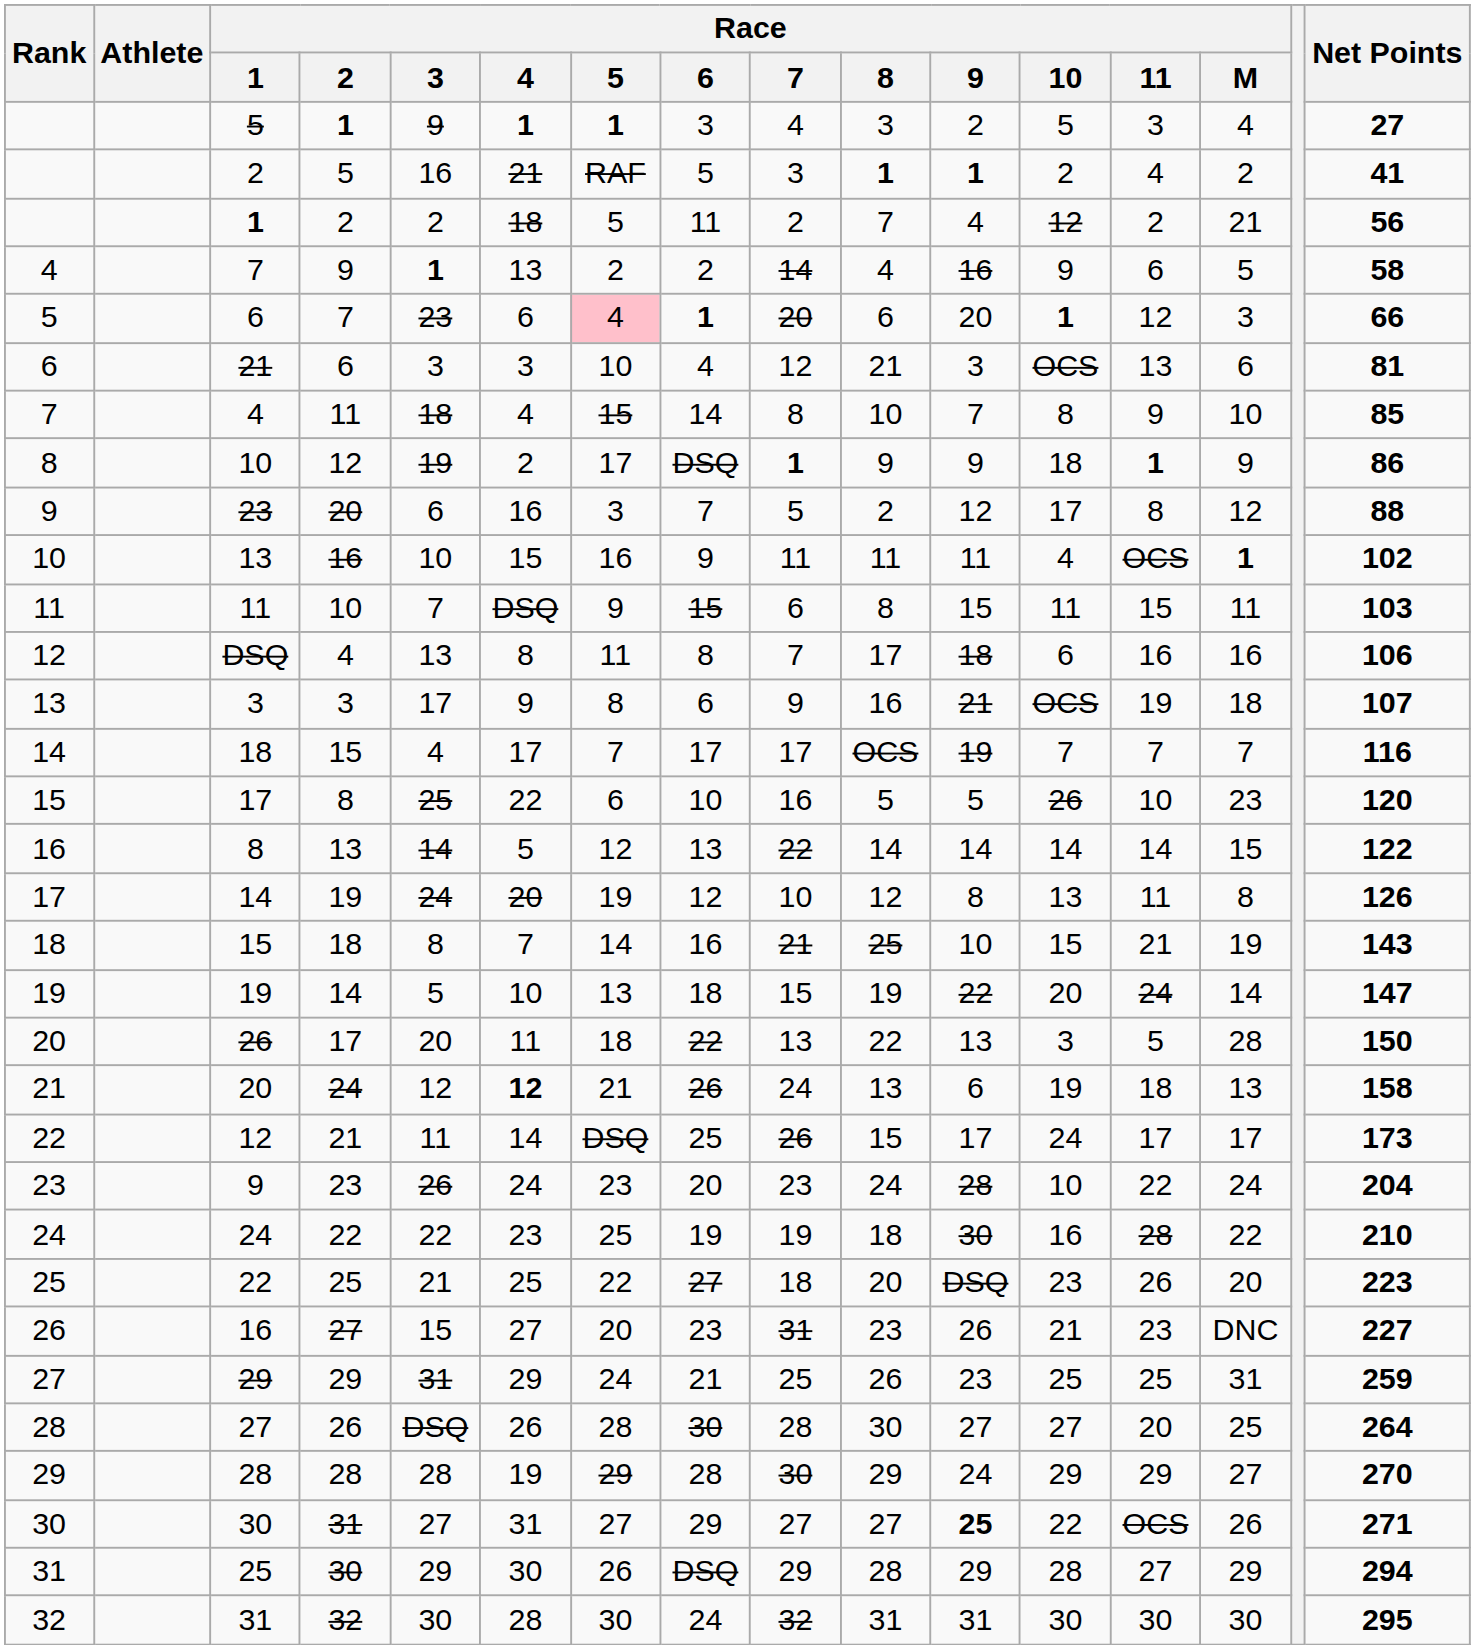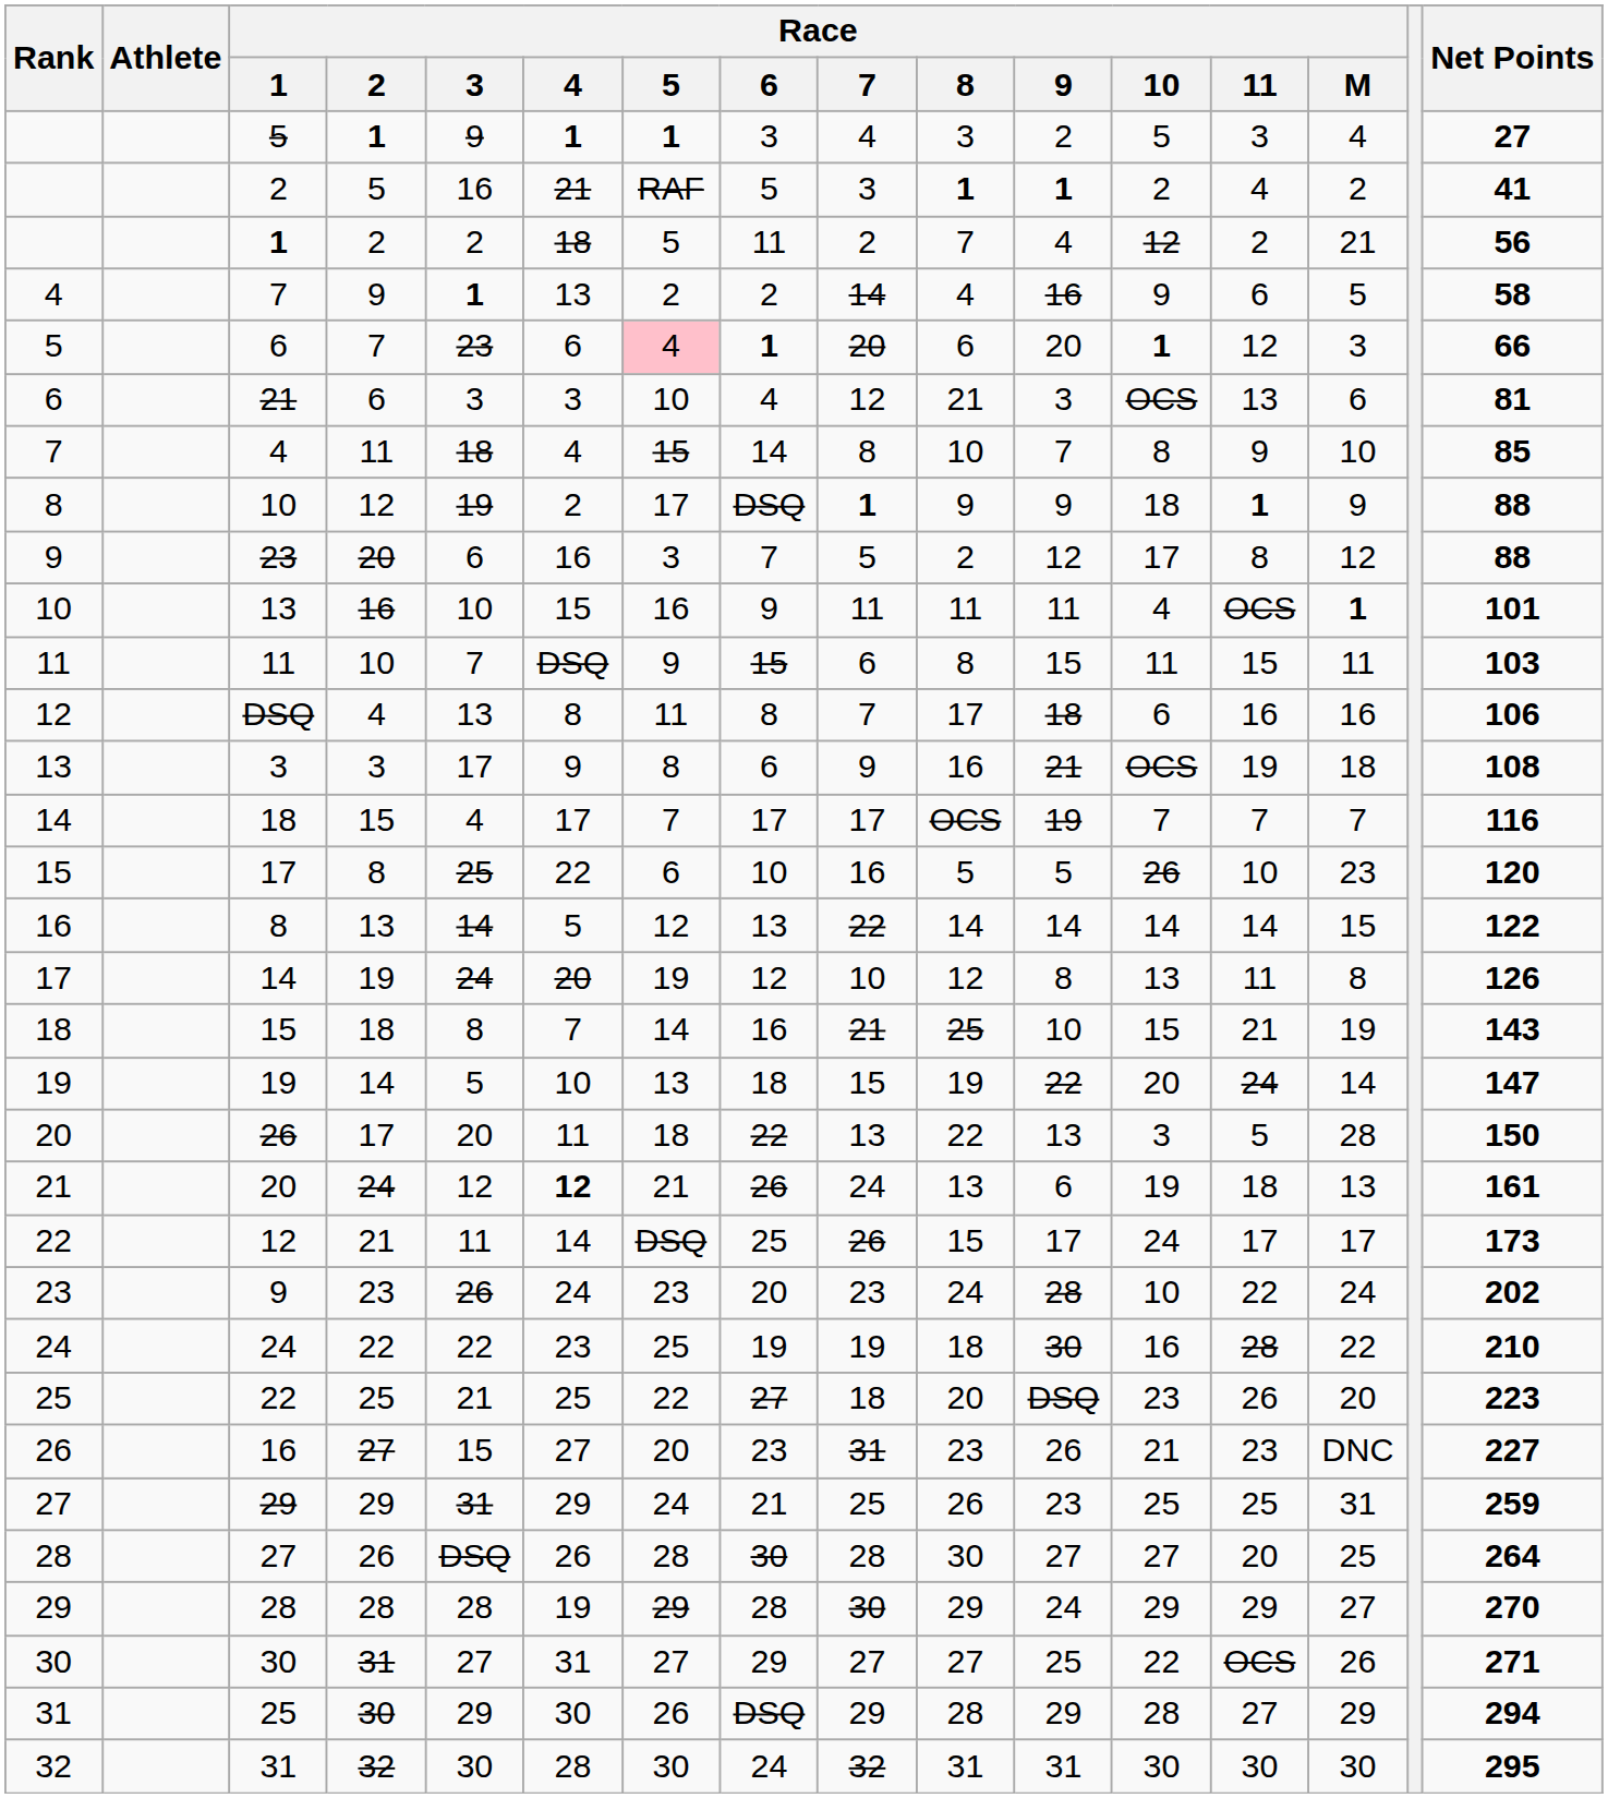 <table class="wikitable" style="text-align:center">
 <tr>
 <th rowspan="2">Rank</th>
 <th rowspan="2">Athlete</th>
 <th colspan="12">Race</th>
 <th width=1% rowspan=45></th>
 <th rowspan="2">Net Points</th>
 </tr>
 <tr>
 <th width=40>1</th>
 <th width=40>2</th>
 <th width=40>3</th>
 <th width=40>4</th>
 <th width=40>5</th>
 <th width=40>6</th>
 <th width=40>7</th>
 <th width=40>8</th>
 <th width=40>9</th>
 <th width=40>10</th>
 <th width=40>11</th>
 <th width=40>M</th>
 </tr>
 <tr>
 <td></td>
 <td align=left></td>
 <td><s>5</s></td>
 <td><strong>1</strong></td>
 <td><s>9</s></td>
 <td><strong>1</strong></td>
 <td><strong>1</strong></td>
 <td>3</td>
 <td>4</td>
 <td>3</td>
 <td>2</td>
 <td>5</td>
 <td>3</td>
 <td>4</td>
 <td><strong>27</strong></td>
 </tr>
 <tr>
 <td></td>
 <td align=left></td>
 <td>2</td>
 <td>5</td>
 <td>16</td>
 <td><s>21</s></td>
 <td><s>RAF</s></td>
 <td>5</td>
 <td>3</td>
 <td><strong>1</strong></td>
 <td><strong>1</strong></td>
 <td>2</td>
 <td>4</td>
 <td>2</td>
 <td><strong>41</strong></td>
 </tr>
 <tr>
 <td></td>
 <td align=left></td>
 <td><strong>1</strong></td>
 <td>2</td>
 <td>2</td>
 <td><s>18</s></td>
 <td>5</td>
 <td>11</td>
 <td>2</td>
 <td>7</td>
 <td>4</td>
 <td><s>12</s></td>
 <td>2</td>
 <td>21</td>
 <td><strong>56</strong></td>
 </tr>
 <tr>
 <td>4</td>
 <td align=left></td>
 <td>7</td>
 <td>9</td>
 <td><strong>1</strong></td>
 <td>13</td>
 <td>2</td>
 <td>2</td>
 <td><s>14</s></td>
 <td>4</td>
 <td><s>16</s></td>
 <td>9</td>
 <td>6</td>
 <td>5</td>
 <td><strong>58</strong></td>
 </tr>
 <tr>
 <td>5</td>
 <td align=left></td>
 <td>6</td>
 <td>7</td>
 <td><s>23</s></td>
 <td>6</td>
 <td style="background: pink;">4</td>
 <td><strong>1</strong></td>
 <td><s>20</s></td>
 <td>6</td>
 <td>20</td>
 <td><strong>1</strong></td>
 <td>12</td>
 <td>3</td>
 <td><strong>66</strong></td>
 </tr>
 <tr>
 <td>6</td>
 <td align=left></td>
 <td><s>21</s></td>
 <td>6</td>
 <td>3</td>
 <td>3</td>
 <td>10</td>
 <td>4</td>
 <td>12</td>
 <td>21</td>
 <td>3</td>
 <td><s>OCS</s></td>
 <td>13</td>
 <td>6</td>
 <td><strong>81</strong></td>
 </tr>
 <tr>
 <td>7</td>
 <td align=left></td>
 <td>4</td>
 <td>11</td>
 <td><s>18</s></td>
 <td>4</td>
 <td><s>15</s></td>
 <td>14</td>
 <td>8</td>
 <td>10</td>
 <td>7</td>
 <td>8</td>
 <td>9</td>
 <td>10</td>
 <td><strong>85</strong></td>
 </tr>
 <tr>
 <td>8</td>
 <td align=left></td>
 <td>10</td>
 <td>12</td>
 <td><s>19</s></td>
 <td>2</td>
 <td>17</td>
 <td><s>DSQ</s></td>
 <td><strong>1</strong></td>
 <td>9</td>
 <td>9</td>
 <td>18</td>
 <td><strong>1</strong></td>
 <td>9</td>
-<td><strong>86</strong></td>
+<td><strong>88</strong></td>
 </tr>
 <tr>
 <td>9</td>
 <td align=left></td>
 <td><s>23</s></td>
 <td><s>20</s></td>
 <td>6</td>
 <td>16</td>
 <td>3</td>
 <td>7</td>
 <td>5</td>
 <td>2</td>
 <td>12</td>
 <td>17</td>
 <td>8</td>
 <td>12</td>
 <td><strong>88</strong></td>
 </tr>
 <tr>
 <td>10</td>
 <td align=left></td>
 <td>13</td>
 <td><s>16</s></td>
 <td>10</td>
 <td>15</td>
 <td>16</td>
 <td>9</td>
 <td>11</td>
 <td>11</td>
 <td>11</td>
 <td>4</td>
 <td><s>OCS</s></td>
 <td><strong>1</strong></td>
-<td><strong>102</strong></td>
+<td><strong>101</strong></td>
 </tr>
 <tr>
 <td>11</td>
 <td align=left></td>
 <td>11</td>
 <td>10</td>
 <td>7</td>
 <td><s>DSQ</s></td>
 <td>9</td>
 <td><s>15</s></td>
 <td>6</td>
 <td>8</td>
 <td>15</td>
 <td>11</td>
 <td>15</td>
 <td>11</td>
 <td><strong>103</strong></td>
 </tr>
 <tr>
 <td>12</td>
 <td align=left></td>
 <td><s>DSQ</s></td>
 <td>4</td>
 <td>13</td>
 <td>8</td>
 <td>11</td>
 <td>8</td>
 <td>7</td>
 <td>17</td>
 <td><s>18</s></td>
 <td>6</td>
 <td>16</td>
 <td>16</td>
 <td><strong>106</strong></td>
 </tr>
 <tr>
 <td>13</td>
 <td align=left></td>
 <td>3</td>
 <td>3</td>
 <td>17</td>
 <td>9</td>
 <td>8</td>
 <td>6</td>
 <td>9</td>
 <td>16</td>
 <td><s>21</s></td>
 <td><s>OCS</s></td>
 <td>19</td>
 <td>18</td>
-<td><strong>107</strong></td>
+<td><strong>108</strong></td>
 </tr>
 <tr>
 <td>14</td>
 <td align=left></td>
 <td>18</td>
 <td>15</td>
 <td>4</td>
 <td>17</td>
 <td>7</td>
 <td>17</td>
 <td>17</td>
 <td><s>OCS</s></td>
 <td><s>19</s></td>
 <td>7</td>
 <td>7</td>
 <td>7</td>
 <td><strong>116</strong></td>
 </tr>
 <tr>
 <td>15</td>
 <td align=left></td>
 <td>17</td>
 <td>8</td>
 <td><s>25</s></td>
 <td>22</td>
 <td>6</td>
 <td>10</td>
 <td>16</td>
 <td>5</td>
 <td>5</td>
 <td><s>26</s></td>
 <td>10</td>
 <td>23</td>
 <td><strong>120</strong></td>
 </tr>
 <tr>
 <td>16</td>
 <td align=left></td>
 <td>8</td>
 <td>13</td>
 <td><s>14</s></td>
 <td>5</td>
 <td>12</td>
 <td>13</td>
 <td><s>22</s></td>
 <td>14</td>
 <td>14</td>
 <td>14</td>
 <td>14</td>
 <td>15</td>
 <td><strong>122</strong></td>
 </tr>
 <tr>
 <td>17</td>
 <td align=left></td>
 <td>14</td>
 <td>19</td>
 <td><s>24</s></td>
 <td><s>20</s></td>
 <td>19</td>
 <td>12</td>
 <td>10</td>
 <td>12</td>
 <td>8</td>
 <td>13</td>
 <td>11</td>
 <td>8</td>
 <td><strong>126</strong></td>
 </tr>
 <tr>
 <td>18</td>
 <td align=left></td>
 <td>15</td>
 <td>18</td>
 <td>8</td>
 <td>7</td>
 <td>14</td>
 <td>16</td>
 <td><s>21</s></td>
 <td><s>25</s></td>
 <td>10</td>
 <td>15</td>
 <td>21</td>
 <td>19</td>
 <td><strong>143</strong></td>
 </tr>
 <tr>
 <td>19</td>
 <td align=left></td>
 <td>19</td>
 <td>14</td>
 <td>5</td>
 <td>10</td>
 <td>13</td>
 <td>18</td>
 <td>15</td>
 <td>19</td>
 <td><s>22</s></td>
 <td>20</td>
 <td><s>24</s></td>
 <td>14</td>
 <td><strong>147</strong></td>
 </tr>
 <tr>
 <td>20</td>
 <td align=left></td>
 <td><s>26</s></td>
 <td>17</td>
 <td>20</td>
 <td>11</td>
 <td>18</td>
 <td><s>22</s></td>
 <td>13</td>
 <td>22</td>
 <td>13</td>
 <td>3</td>
 <td>5</td>
 <td>28</td>
 <td><strong>150</strong></td>
 </tr>
 <tr>
 <td>21</td>
 <td align=left></td>
 <td>20</td>
 <td><s>24</s></td>
 <td>12</td>
 <td><strong>12</strong></td>
 <td>21</td>
 <td><s>26</s></td>
 <td>24</td>
 <td>13</td>
 <td>6</td>
 <td>19</td>
 <td>18</td>
 <td>13</td>
-<td><strong>158</strong></td>
+<td><strong>161</strong></td>
 </tr>
 <tr>
 <td>22</td>
 <td align=left></td>
 <td>12</td>
 <td>21</td>
 <td>11</td>
 <td>14</td>
 <td><s>DSQ</s></td>
 <td>25</td>
 <td><s>26</s></td>
 <td>15</td>
 <td>17</td>
 <td>24</td>
 <td>17</td>
 <td>17</td>
 <td><strong>173</strong></td>
 </tr>
 <tr>
 <td>23</td>
 <td align=left></td>
 <td>9</td>
 <td>23</td>
 <td><s>26</s></td>
 <td>24</td>
 <td>23</td>
 <td>20</td>
 <td>23</td>
 <td>24</td>
 <td><s>28</s></td>
 <td>10</td>
 <td>22</td>
 <td>24</td>
-<td><strong>204</strong></td>
+<td><strong>202</strong></td>
 </tr>
 <tr>
 <td>24</td>
 <td align=left></td>
 <td>24</td>
 <td>22</td>
 <td>22</td>
 <td>23</td>
 <td>25</td>
 <td>19</td>
 <td>19</td>
 <td>18</td>
 <td><s>30</s></td>
 <td>16</td>
 <td><s>28</s></td>
 <td>22</td>
 <td><strong>210</strong></td>
 </tr>
 <tr>
 <td>25</td>
 <td align=left></td>
 <td>22</td>
 <td>25</td>
 <td>21</td>
 <td>25</td>
 <td>22</td>
 <td><s>27</s></td>
 <td>18</td>
 <td>20</td>
 <td><s>DSQ</s></td>
 <td>23</td>
 <td>26</td>
 <td>20</td>
 <td><strong>223</strong></td>
 </tr>
 <tr>
 <td>26</td>
 <td align=left></td>
 <td>16</td>
 <td><s>27</s></td>
 <td>15</td>
 <td>27</td>
 <td>20</td>
 <td>23</td>
 <td><s>31</s></td>
 <td>23</td>
 <td>26</td>
 <td>21</td>
 <td>23</td>
 <td>DNC</td>
 <td><strong>227</strong></td>
 </tr>
 <tr>
 <td>27</td>
 <td align=left></td>
 <td><s>29</s></td>
 <td>29</td>
 <td><s>31</s></td>
 <td>29</td>
 <td>24</td>
 <td>21</td>
 <td>25</td>
 <td>26</td>
 <td>23</td>
 <td>25</td>
 <td>25</td>
 <td>31</td>
 <td><strong>259</strong></td>
 </tr>
 <tr>
 <td>28</td>
 <td align=left></td>
 <td>27</td>
 <td>26</td>
 <td><s>DSQ</s></td>
 <td>26</td>
 <td>28</td>
 <td><s>30</s></td>
 <td>28</td>
 <td>30</td>
 <td>27</td>
 <td>27</td>
 <td>20</td>
 <td>25</td>
 <td><strong>264</strong></td>
 </tr>
 <tr>
 <td>29</td>
 <td align=left></td>
 <td>28</td>
 <td>28</td>
 <td>28</td>
 <td>19</td>
 <td><s>29</s></td>
 <td>28</td>
 <td><s>30</s></td>
 <td>29</td>
 <td>24</td>
 <td>29</td>
 <td>29</td>
 <td>27</td>
 <td><strong>270</strong></td>
 </tr>
 <tr>
 <td>30</td>
 <td align=left></td>
 <td>30</td>
 <td><s>31</s></td>
 <td>27</td>
 <td>31</td>
 <td>27</td>
 <td>29</td>
 <td>27</td>
 <td>27</td>
-<td><strong>25</strong></td>
+<td>25</td>
 <td>22</td>
 <td><s>OCS</s></td>
 <td>26</td>
 <td><strong>271</strong></td>
 </tr>
 <tr>
 <td>31</td>
 <td align=left></td>
 <td>25</td>
 <td><s>30</s></td>
 <td>29</td>
 <td>30</td>
 <td>26</td>
 <td><s>DSQ</s></td>
 <td>29</td>
 <td>28</td>
 <td>29</td>
 <td>28</td>
 <td>27</td>
 <td>29</td>
 <td><strong>294</strong></td>
 </tr>
 <tr>
 <td>32</td>
 <td align=left></td>
 <td>31</td>
 <td><s>32</s></td>
 <td>30</td>
 <td>28</td>
 <td>30</td>
 <td>24</td>
 <td><s>32</s></td>
 <td>31</td>
 <td>31</td>
 <td>30</td>
 <td>30</td>
 <td>30</td>
 <td><strong>295</strong></td>
 </tr>
 </table>
